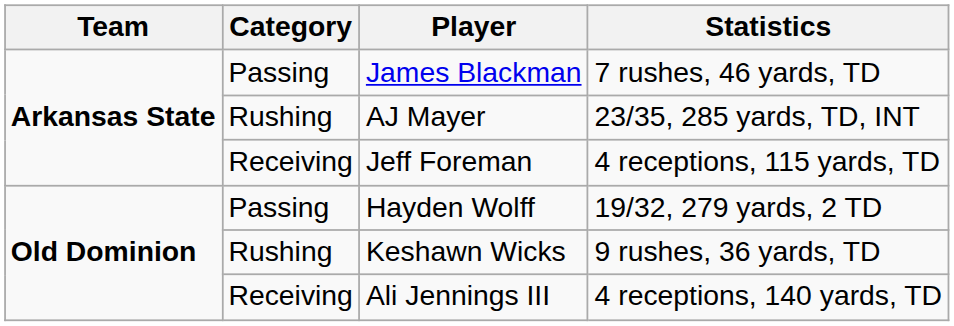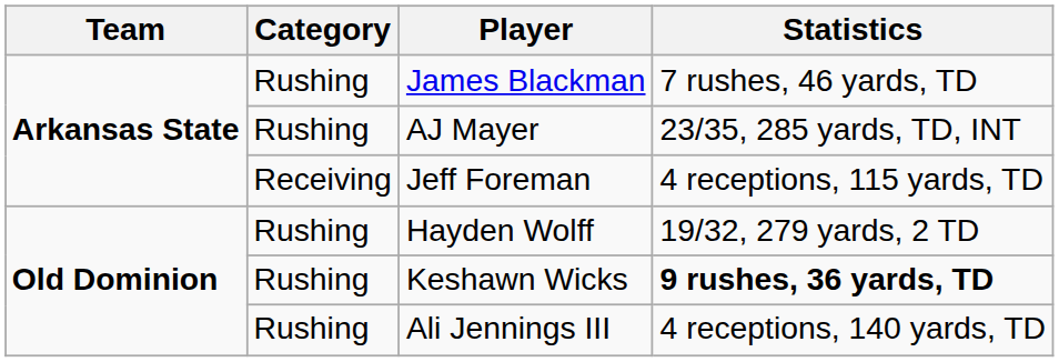 <table class="wikitable" style="float: right;">
 <tr>
 <th>Team</th>
 <th>Category</th>
 <th>Player</th>
 <th>Statistics</th>
 </tr>
 <tr>
 <td rowspan=3><strong>Arkansas State</strong></td>
-<td>Passing</td>
+<td>Rushing</td>
 <td><a href='#'>James Blackman</a></td>
 <td>7 rushes, 46 yards, TD</td>
 </tr>
 <tr>
 <td>Rushing</td>
 <td>AJ Mayer</td>
 <td>23/35, 285 yards, TD, INT</td>
 </tr>
 <tr>
 <td>Receiving</td>
 <td>Jeff Foreman</td>
 <td>4 receptions, 115 yards, TD</td>
 </tr>
 <tr>
 <td rowspan=3><strong>Old Dominion</strong></td>
-<td>Passing</td>
+<td>Rushing</td>
 <td>Hayden Wolff</td>
 <td>19/32, 279 yards, 2 TD</td>
 </tr>
 <tr>
 <td>Rushing</td>
 <td>Keshawn Wicks</td>
-<td>9 rushes, 36 yards, TD</td>
+<td><strong>9 rushes, 36 yards, TD</strong></td>
 </tr>
 <tr>
-<td>Receiving</td>
+<td>Rushing</td>
 <td>Ali Jennings III</td>
 <td>4 receptions, 140 yards, TD</td>
 </tr>
 </table>
